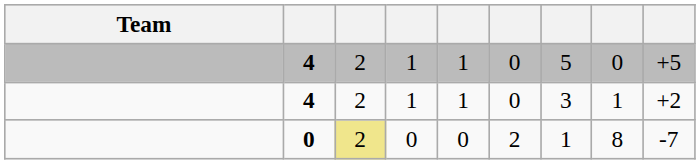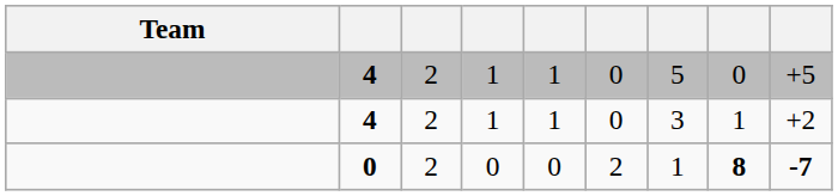 <table class="wikitable" style="text-align: center; font-size: 90%;">
 <tr>
 <th width="165">Team</th>
 <th width="25"></th>
 <th width="25"></th>
 <th width="25"></th>
 <th width="25"></th>
 <th width="25"></th>
 <th width="25"></th>
 <th width="25"></th>
 <th width="25"></th>
 </tr>
 <tr bgcolor = #BBBBBB>
 <td align=left></td>
 <td><strong>4</strong></td>
 <td>2</td>
 <td>1</td>
 <td>1</td>
 <td>0</td>
 <td>5</td>
 <td>0</td>
 <td>+5</td>
 </tr>
 <tr>
 <td align=left></td>
 <td><strong>4</strong></td>
 <td>2</td>
 <td>1</td>
 <td>1</td>
 <td>0</td>
 <td>3</td>
 <td>1</td>
 <td>+2</td>
 </tr>
 <tr>
 <td align=left></td>
 <td><strong>0</strong></td>
-<td style="background: khaki;">2</td>
+<td>2</td>
 <td>0</td>
 <td>0</td>
 <td>2</td>
 <td>1</td>
-<td>8</td>
-<td>-7</td>
+<td><strong>8</strong></td>
+<td><strong>-7</strong></td>
 </tr>
 </table>
